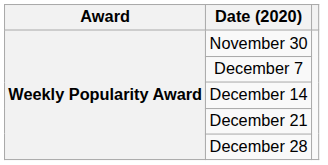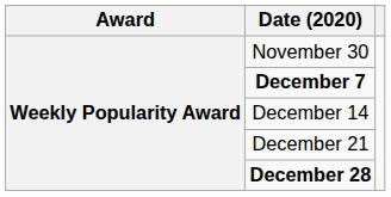 <table class="wikitable plainrowheaders" style="text-align:center;">
 <tr>
 <th scope="col">Award</th>
 <th scope="col">Date (2020)</th>
 <th scope="col" class="unsortable"></th>
 </tr>
 <tr>
 <th scope="row" rowspan="5">Weekly Popularity Award</th>
 <td>November 30</td>
 <td rowspan="5"></td>
 </tr>
 <tr>
-<td>December 7</td>
+<td><strong>December 7</strong></td>
 </tr>
 <tr>
 <td>December 14</td>
 </tr>
 <tr>
 <td>December 21</td>
 </tr>
 <tr>
-<td>December 28</td>
+<td><strong>December 28</strong></td>
 </tr>
 </table>
